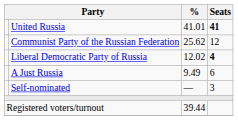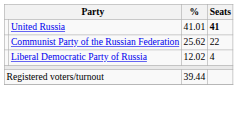 <table class="wikitable">
 <tr>
 <th colspan=2>Party</th>
 <th>%</th>
 <th>Seats</th>
 </tr>
 <tr>
 <td style="background:"></td>
 <td><a href='#'>United Russia</a></td>
 <td>41.01</td>
 <td><strong>41</strong></td>
 </tr>
 <tr>
 <td style="background:"></td>
 <td><a href='#'>Communist Party of the Russian Federation</a></td>
 <td>25.62</td>
-<td>12</td>
+<td>22</td>
 </tr>
 <tr>
 <td style="background:"></td>
 <td><a href='#'>Liberal Democratic Party of Russia</a></td>
 <td>12.02</td>
-<td><strong>4</strong></td>
-</tr>
-<tr>
-<td style="background:"></td>
-<td><a href='#'>A Just Russia</a></td>
-<td>9.49</td>
-<td>6</td>
-</tr>
-<tr>
-<td style="background:"></td>
-<td><a href='#'>Self-nominated</a></td>
-<td>—</td>
-<td>3</td>
+<td>4</td>
 </tr>
 <tr>
 <td colspan=4 style="background:#E9E9E9;"></td>
 </tr>
 <tr>
 <td align=left colspan=2>Registered voters/turnout</td>
 <td>39.44</td>
 <td></td>
 </tr>
 <tr>
 </tr>
 </table>
